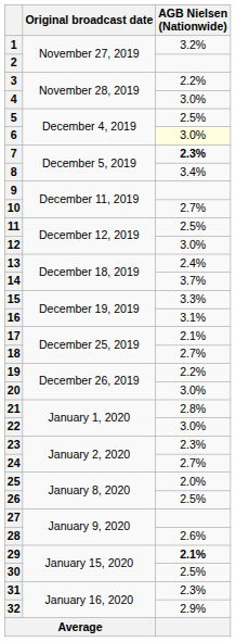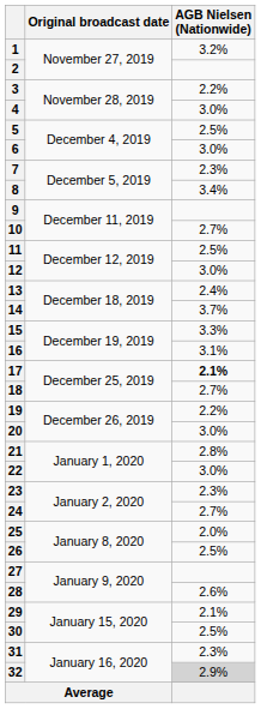 <table class="wikitable" style="text-align:center">
 <tr>
 <th></th>
 <th>Original broadcast date</th>
 <th>AGB Nielsen<br>(Nationwide)</th>
 </tr>
 <tr>
 <th>1</th>
 <td rowspan="2">November 27, 2019</td>
 <td>3.2%</td>
 </tr>
 <tr>
 <th>2</th>
 <td></td>
 </tr>
 <tr>
 <th>3</th>
 <td rowspan="2">November 28, 2019</td>
 <td>2.2%</td>
 </tr>
 <tr>
 <th>4</th>
 <td>3.0%</td>
 </tr>
 <tr>
 <th>5</th>
 <td rowspan="2">December 4, 2019</td>
 <td>2.5%</td>
 </tr>
 <tr>
 <th>6</th>
-<td style="background: lightyellow;">3.0%</td>
+<td>3.0%</td>
 </tr>
 <tr>
 <th>7</th>
 <td rowspan="2">December 5, 2019</td>
-<td><strong>2.3%</strong></td>
+<td>2.3%</td>
 </tr>
 <tr>
 <th>8</th>
 <td>3.4%</td>
 </tr>
 <tr>
 <th>9</th>
 <td rowspan="2">December 11, 2019</td>
 <td></td>
 </tr>
 <tr>
 <th>10</th>
 <td>2.7%</td>
 </tr>
 <tr>
 <th>11</th>
 <td rowspan="2">December 12, 2019</td>
 <td>2.5%</td>
 </tr>
 <tr>
 <th>12</th>
 <td>3.0%</td>
 </tr>
 <tr>
 <th>13</th>
 <td rowspan="2">December 18, 2019</td>
 <td>2.4%</td>
 </tr>
 <tr>
 <th>14</th>
 <td>3.7%</td>
 </tr>
 <tr>
 <th>15</th>
 <td rowspan="2">December 19, 2019</td>
 <td>3.3%</td>
 </tr>
 <tr>
 <th>16</th>
 <td>3.1%</td>
 </tr>
 <tr>
 <th>17</th>
 <td rowspan="2">December 25, 2019</td>
-<td>2.1%</td>
+<td><strong>2.1%</strong></td>
 </tr>
 <tr>
 <th>18</th>
 <td>2.7%</td>
 </tr>
 <tr>
 <th>19</th>
 <td rowspan="2">December 26, 2019</td>
 <td>2.2%</td>
 </tr>
 <tr>
 <th>20</th>
 <td>3.0%</td>
 </tr>
 <tr>
 <th>21</th>
 <td rowspan="2">January 1, 2020</td>
 <td>2.8%</td>
 </tr>
 <tr>
 <th>22</th>
 <td>3.0%</td>
 </tr>
 <tr>
 <th>23</th>
 <td rowspan="2">January 2, 2020</td>
 <td>2.3%</td>
 </tr>
 <tr>
 <th>24</th>
 <td>2.7%</td>
 </tr>
 <tr>
 <th>25</th>
 <td rowspan="2">January 8, 2020</td>
 <td>2.0%</td>
 </tr>
 <tr>
 <th>26</th>
 <td>2.5%</td>
 </tr>
 <tr>
 <th>27</th>
 <td rowspan="2">January 9, 2020</td>
 <td></td>
 </tr>
 <tr>
 <th>28</th>
 <td>2.6%</td>
 </tr>
 <tr>
 <th>29</th>
 <td rowspan="2">January 15, 2020</td>
-<td><strong>2.1%</strong></td>
+<td>2.1%</td>
 </tr>
 <tr>
 <th>30</th>
 <td>2.5%</td>
 </tr>
 <tr>
 <th>31</th>
 <td rowspan="2">January 16, 2020</td>
 <td>2.3%</td>
 </tr>
 <tr>
 <th>32</th>
-<td>2.9%</td>
+<td style="background: lightgrey;">2.9%</td>
 </tr>
 <tr>
 <th colspan="2">Average</th>
 <th></th>
 </tr>
 </table>
